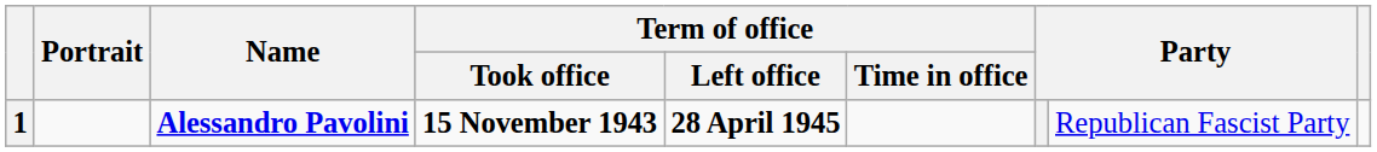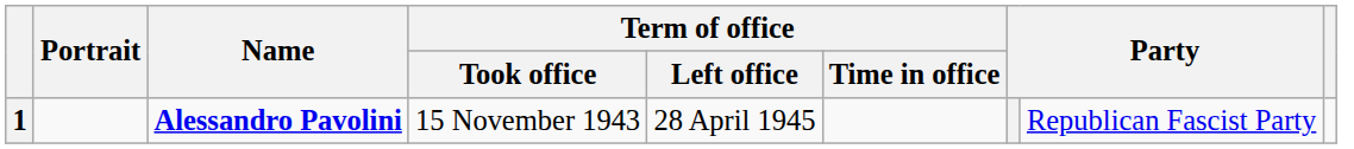 <table class="wikitable" style="text-align:center;">
 <tr>
 <th rowspan=2></th>
 <th rowspan=2>Portrait</th>
 <th rowspan=2>Name<br></th>
 <th colspan=3>Term of office</th>
 <th colspan=2 rowspan=2>Party</th>
 <th rowspan=2></th>
 </tr>
 <tr>
 <th>Took office</th>
 <th>Left office</th>
 <th>Time in office</th>
 </tr>
 <tr>
 <th>1</th>
 <td></td>
 <td><strong><a href='#'>Alessandro Pavolini</a></strong><br></td>
-<td><strong>15 November 1943</strong></td>
-<td><strong>28 April 1945</strong></td>
+<td>15 November 1943</td>
+<td>28 April 1945</td>
 <td></td>
 <th style="background: "></th>
 <td><a href='#'>Republican Fascist Party</a></td>
 <td></td>
 </tr>
 </table>
